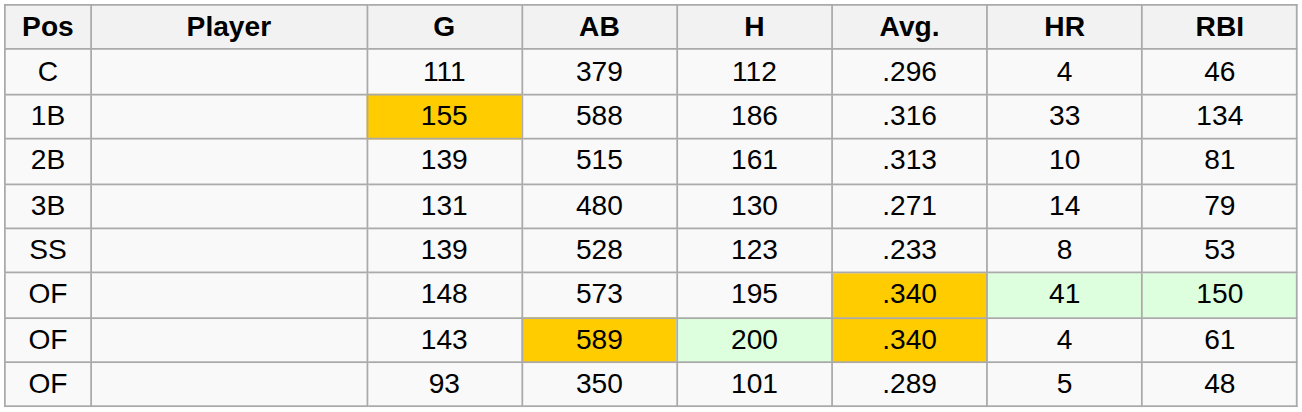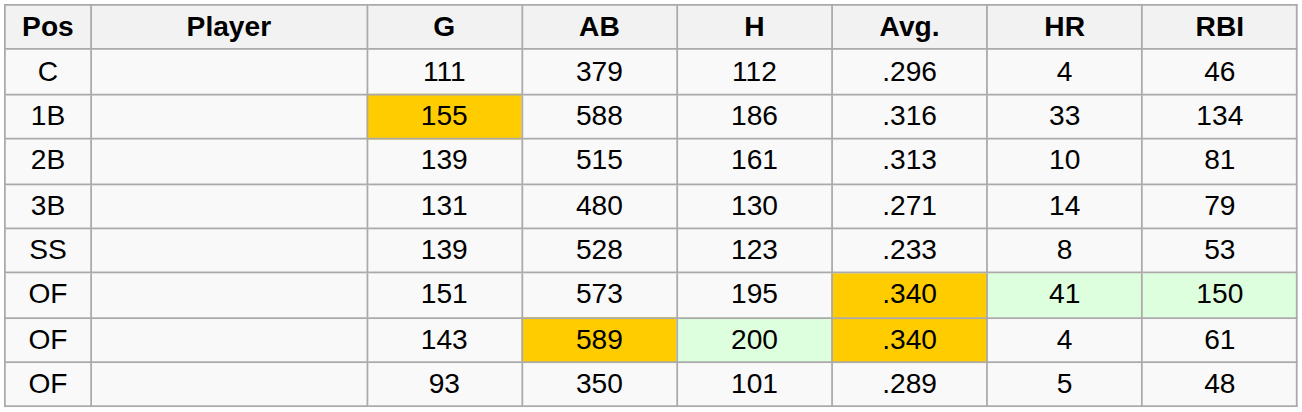 <table class="wikitable sortable">
 <tr>
 <th bgcolor="#DDDDFF" width="5%">Pos</th>
 <th bgcolor="#DDDDFF" width="16%">Player</th>
 <th bgcolor="#DDDDFF" width="9%">G</th>
 <th bgcolor="#DDDDFF" width="9%">AB</th>
 <th bgcolor="#DDDDFF" width="9%">H</th>
 <th bgcolor="#DDDDFF" width="9%">Avg.</th>
 <th bgcolor="#DDDDFF" width="9%">HR</th>
 <th bgcolor="#DDDDFF" width="9%">RBI</th>
 </tr>
 <tr align="center">
 <td>C</td>
 <td></td>
 <td>111</td>
 <td>379</td>
 <td>112</td>
 <td>.296</td>
 <td>4</td>
 <td>46</td>
 </tr>
 <tr align="center">
 <td>1B</td>
 <td></td>
 <td style="background:#fc0;">155</td>
 <td>588</td>
 <td>186</td>
 <td>.316</td>
 <td>33</td>
 <td>134</td>
 </tr>
 <tr align="center">
 <td>2B</td>
 <td></td>
 <td>139</td>
 <td>515</td>
 <td>161</td>
 <td>.313</td>
 <td>10</td>
 <td>81</td>
 </tr>
 <tr align="center">
 <td>3B</td>
 <td></td>
 <td>131</td>
 <td>480</td>
 <td>130</td>
 <td>.271</td>
 <td>14</td>
 <td>79</td>
 </tr>
 <tr align="center">
 <td>SS</td>
 <td></td>
 <td>139</td>
 <td>528</td>
 <td>123</td>
 <td>.233</td>
 <td>8</td>
 <td>53</td>
 </tr>
 <tr align="center">
 <td>OF</td>
 <td></td>
-<td>148</td>
+<td>151</td>
 <td>573</td>
 <td>195</td>
 <td style="background:#fc0;">.340</td>
 <td style="background:#DDFFDD;">41</td>
 <td style="background:#DDFFDD;">150</td>
 </tr>
 <tr align="center">
 <td>OF</td>
 <td></td>
 <td>143</td>
 <td style="background:#fc0;">589</td>
 <td style="background:#DDFFDD;">200</td>
 <td style="background:#fc0;">.340</td>
 <td>4</td>
 <td>61</td>
 </tr>
 <tr align="center">
 <td>OF</td>
 <td></td>
 <td>93</td>
 <td>350</td>
 <td>101</td>
 <td>.289</td>
 <td>5</td>
 <td>48</td>
 </tr>
 </table>
